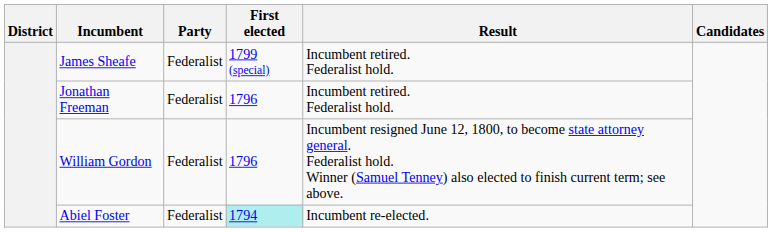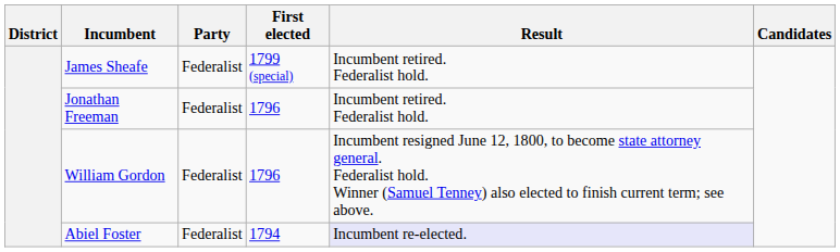 <table class=wikitable>
 <tr valign=bottom>
 <th>District</th>
 <th>Incumbent</th>
 <th>Party</th>
 <th>First<br>elected</th>
 <th>Result</th>
 <th>Candidates</th>
 </tr>
 <tr>
 <th rowspan=4><br></th>
 <td><a href='#'>James Sheafe</a></td>
 <td>Federalist</td>
 <td><a href='#'>1799 <small>(special)</small></a></td>
 <td>Incumbent retired.<br>Federalist hold.</td>
 <td nowrap rowspan=4></td>
 </tr>
 <tr>
 <td><a href='#'>Jonathan Freeman</a></td>
 <td>Federalist</td>
 <td><a href='#'>1796</a></td>
 <td>Incumbent retired.<br>Federalist hold.</td>
 </tr>
 <tr>
 <td><a href='#'>William Gordon</a></td>
 <td>Federalist</td>
 <td><a href='#'>1796</a></td>
 <td>Incumbent resigned June 12, 1800, to become <a href='#'>state attorney general</a>.<br>Federalist hold.<br>Winner (<a href='#'>Samuel Tenney</a>) also elected to finish current term; see above.</td>
 </tr>
 <tr>
 <td><a href='#'>Abiel Foster</a></td>
 <td>Federalist</td>
-<td style="background: paleturquoise;"><a href='#'>1794</a></td>
-<td>Incumbent re-elected.</td>
+<td><a href='#'>1794</a></td>
+<td style="background: lavender;">Incumbent re-elected.</td>
 </tr>
 </table>
